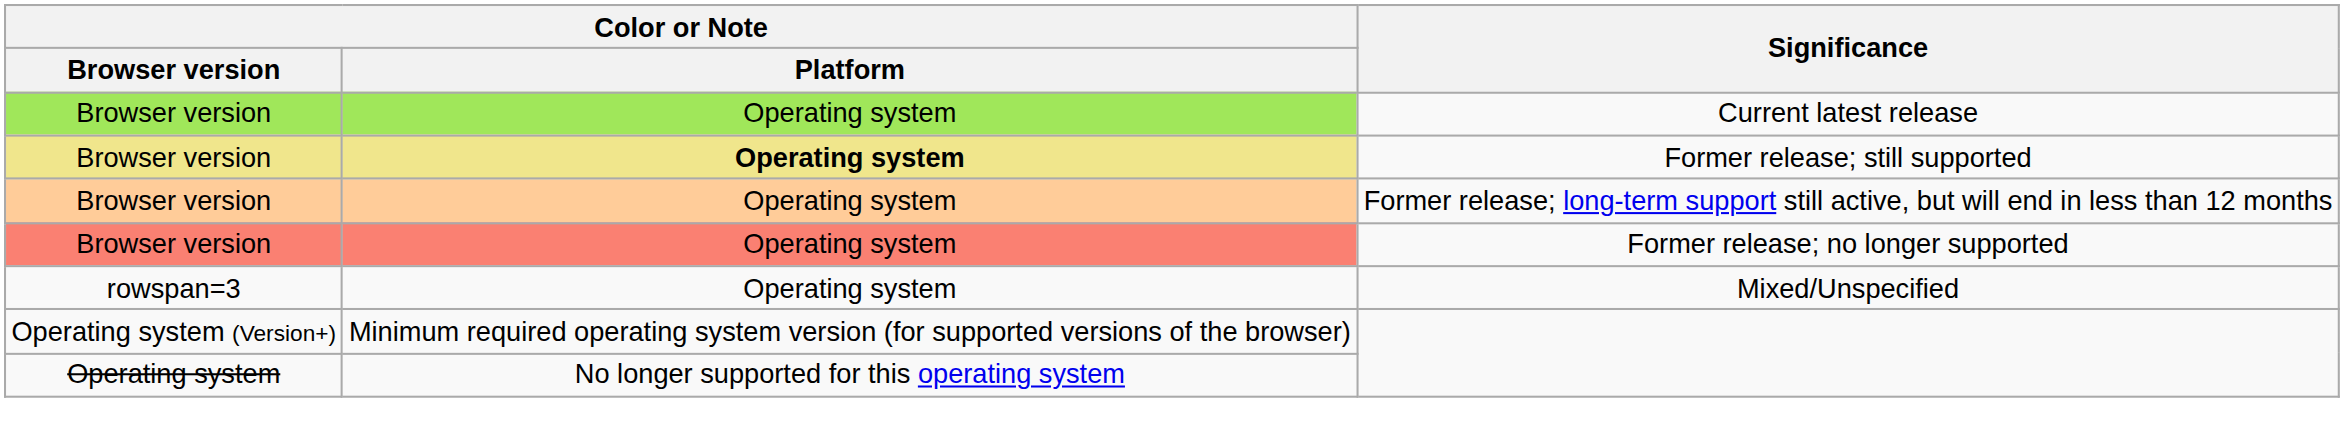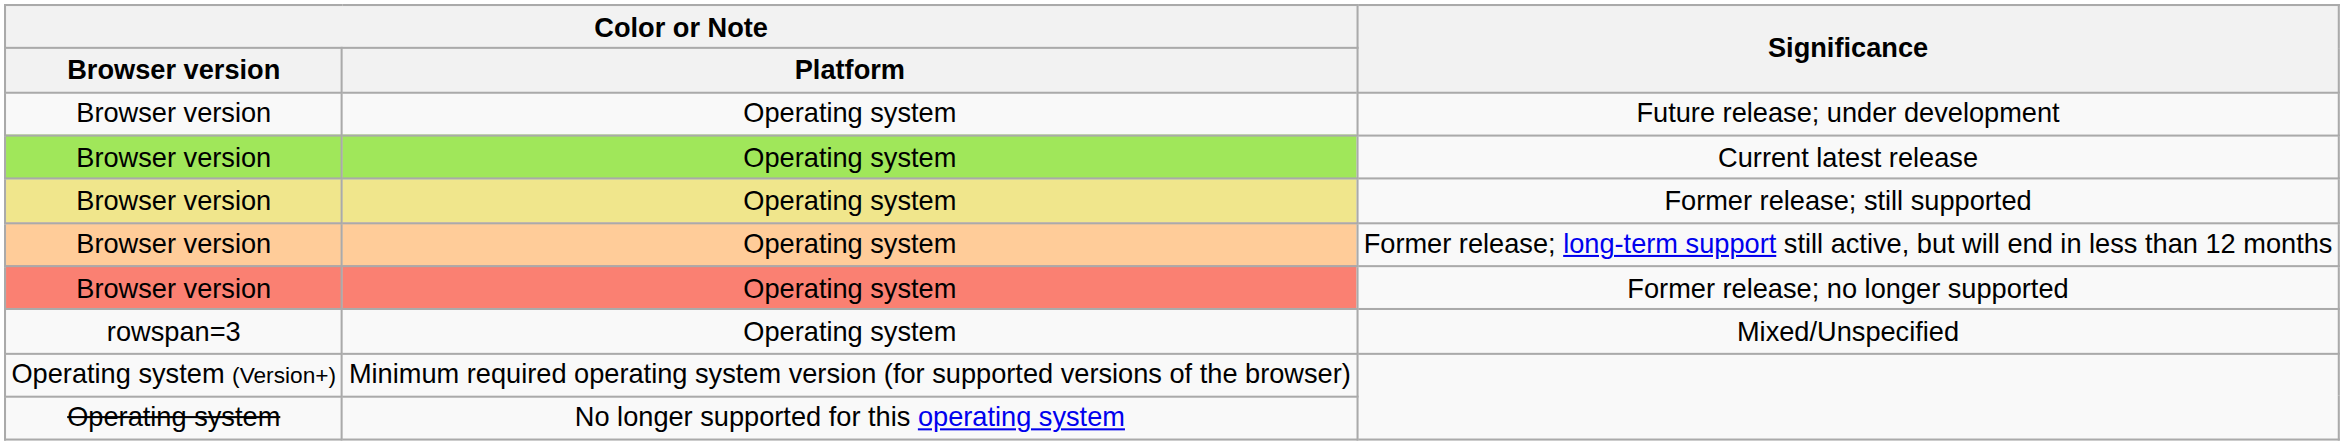 <table class=wikitable style=text-align:center;font-size:smaller>
 <tr>
 <th colspan=2>Color or Note</th>
 <th rowspan=2>Significance</th>
 </tr>
 <tr>
 <th>Browser version</th>
 <th>Platform</th>
 </tr>
 <tr>
+<td> Browser version</td>
+<td> Operating system</td>
+<td>Future release; under development</td>
+</tr>
+<tr>
 <td style=background:#a0e75a>Browser version</td>
 <td style=background:#a0e75a>Operating system</td>
 <td>Current latest release</td>
 </tr>
 <tr>
 <td style=background:khaki>Browser version</td>
-<td style=background:khaki><strong>Operating system</strong></td>
+<td style=background:khaki>Operating system</td>
 <td>Former release; still supported</td>
 </tr>
 <tr>
 <td style=background:#fc9>Browser version</td>
 <td style=background:#fc9>Operating system</td>
 <td>Former release; <a href='#'>long-term support</a> still active, but will end in less than 12 months</td>
 </tr>
 <tr>
 <td style=background:salmon>Browser version</td>
 <td style=background:salmon>Operating system</td>
 <td>Former release; no longer supported</td>
 </tr>
 <tr>
 <td>rowspan=3</td>
 <td>Operating system</td>
 <td>Mixed/Unspecified</td>
 </tr>
 <tr>
 <td>Operating system <small>(Version+)</small></td>
 <td>Minimum required operating system version (for supported versions of the browser)</td>
 </tr>
 <tr>
 <td><s>Operating system</s></td>
 <td>No longer supported for this <a href='#'>operating system</a></td>
 </tr>
 </table>
